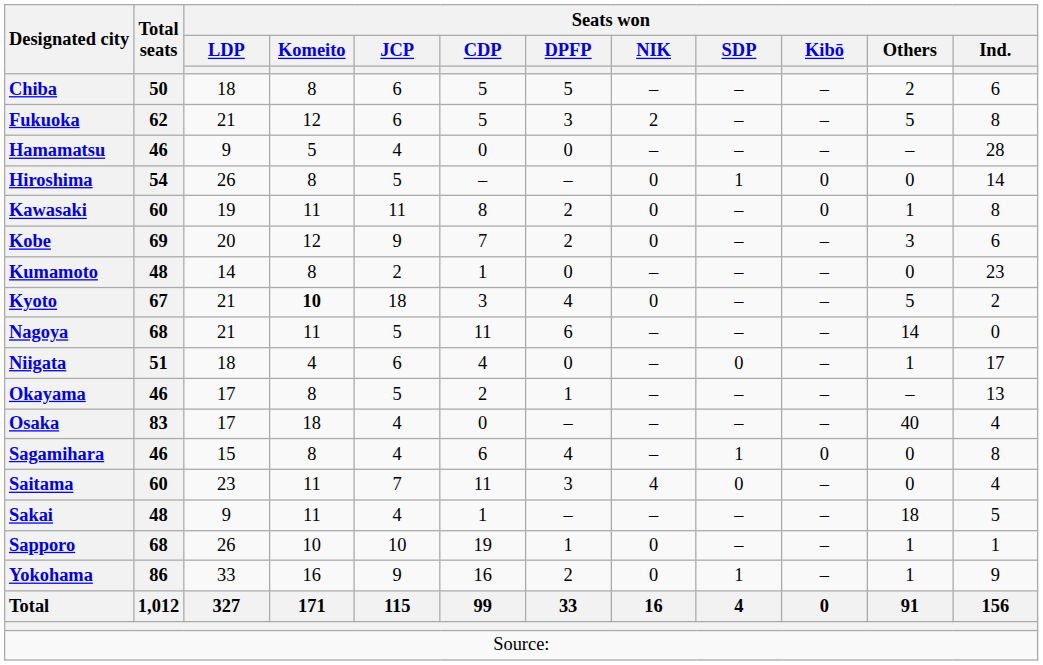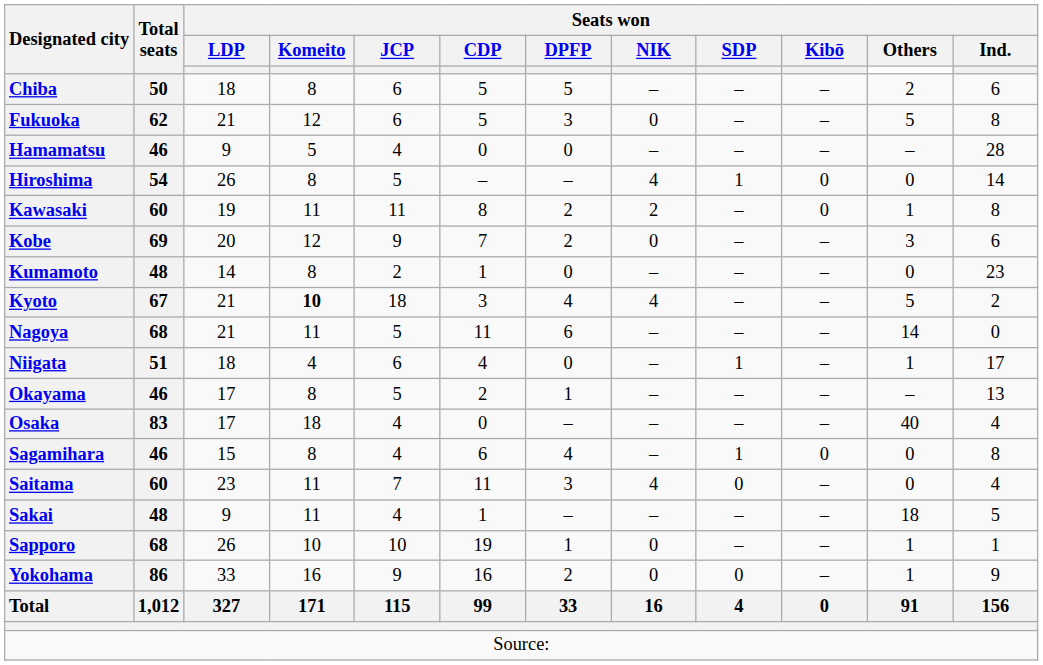 <table class="wikitable" style="text-align:center; font-size: 0.9em;">
 <tr>
 <th rowspan="3">Designated city</th>
 <th rowspan="3">Total<br>seats</th>
 <th colspan="10">Seats won</th>
 </tr>
 <tr>
 <th class="unsortable" style="width:60px;"><a href='#'>LDP</a></th>
 <th class="unsortable" style="width:60px;"><a href='#'>Komeito</a></th>
 <th class="unsortable" style="width:60px;"><a href='#'>JCP</a></th>
 <th class="unsortable" style="width:60px;"><a href='#'>CDP</a></th>
 <th class="unsortable" style="width:60px;"><a href='#'>DPFP</a></th>
 <th class="unsortable" style="width:60px;"><a href='#'>NIK</a></th>
 <th class="unsortable" style="width:60px;"><a href='#'>SDP</a></th>
 <th class="unsortable" style="width:60px;"><a href='#'>Kibō</a></th>
 <th class="unsortable" style="width:60px;">Others</th>
 <th class="unsortable" style="width:60px;">Ind.</th>
 </tr>
 <tr>
 <th style="background:"></th>
 <th style="background:"></th>
 <th style="background:"></th>
 <th style="background:"></th>
 <th style="background:"></th>
 <th style="background:"></th>
 <th style="background:"></th>
 <th style="background:"></th>
 <th style="background:white;"></th>
 <th style="background:"></th>
 </tr>
 <tr>
 <th style="text-align: left;"><a href='#'>Chiba</a></th>
 <th>50</th>
 <td>18</td>
 <td>8</td>
 <td>6</td>
 <td>5</td>
 <td>5</td>
 <td>–</td>
 <td>–</td>
 <td>–</td>
 <td>2</td>
 <td>6</td>
 </tr>
 <tr>
 <th style="text-align: left;"><a href='#'>Fukuoka</a></th>
 <th>62</th>
 <td>21</td>
 <td>12</td>
 <td>6</td>
 <td>5</td>
 <td>3</td>
-<td>2</td>
+<td>0</td>
 <td>–</td>
 <td>–</td>
 <td>5</td>
 <td>8</td>
 </tr>
 <tr>
 <th style="text-align: left;"><a href='#'>Hamamatsu</a></th>
 <th>46</th>
 <td>9</td>
 <td>5</td>
 <td>4</td>
 <td>0</td>
 <td>0</td>
 <td>–</td>
 <td>–</td>
 <td>–</td>
 <td>–</td>
 <td>28</td>
 </tr>
 <tr>
 <th style="text-align: left;"><a href='#'>Hiroshima</a></th>
 <th>54</th>
 <td>26</td>
 <td>8</td>
 <td>5</td>
 <td>–</td>
 <td>–</td>
-<td>0</td>
+<td>4</td>
 <td>1</td>
 <td>0</td>
 <td>0</td>
 <td>14</td>
 </tr>
 <tr>
 <th style="text-align: left;"><a href='#'>Kawasaki</a></th>
 <th>60</th>
 <td>19</td>
 <td>11</td>
 <td>11</td>
 <td>8</td>
 <td>2</td>
-<td>0</td>
+<td>2</td>
 <td>–</td>
 <td>0</td>
 <td>1</td>
 <td>8</td>
 </tr>
 <tr>
 <th style="text-align: left;"><a href='#'>Kobe</a></th>
 <th>69</th>
 <td>20</td>
 <td>12</td>
 <td>9</td>
 <td>7</td>
 <td>2</td>
 <td>0</td>
 <td>–</td>
 <td>–</td>
 <td>3</td>
 <td>6</td>
 </tr>
 <tr>
 <th style="text-align: left;"><a href='#'>Kumamoto</a></th>
 <th>48</th>
 <td>14</td>
 <td>8</td>
 <td>2</td>
 <td>1</td>
 <td>0</td>
 <td>–</td>
 <td>–</td>
 <td>–</td>
 <td>0</td>
 <td>23</td>
 </tr>
 <tr>
 <th style="text-align: left;"><a href='#'>Kyoto</a></th>
 <th>67</th>
 <td>21</td>
 <td><strong>10</strong></td>
 <td>18</td>
 <td>3</td>
 <td>4</td>
-<td>0</td>
+<td>4</td>
 <td>–</td>
 <td>–</td>
 <td>5</td>
 <td>2</td>
 </tr>
 <tr>
 <th style="text-align: left;"><a href='#'>Nagoya</a></th>
 <th>68</th>
 <td>21</td>
 <td>11</td>
 <td>5</td>
 <td>11</td>
 <td>6</td>
 <td>–</td>
 <td>–</td>
 <td>–</td>
 <td>14</td>
 <td>0</td>
 </tr>
 <tr>
 <th style="text-align: left;"><a href='#'>Niigata</a></th>
 <th>51</th>
 <td>18</td>
 <td>4</td>
 <td>6</td>
 <td>4</td>
 <td>0</td>
 <td>–</td>
-<td>0</td>
+<td>1</td>
 <td>–</td>
 <td>1</td>
 <td>17</td>
 </tr>
 <tr>
 <th style="text-align: left;"><a href='#'>Okayama</a></th>
 <th>46</th>
 <td>17</td>
 <td>8</td>
 <td>5</td>
 <td>2</td>
 <td>1</td>
 <td>–</td>
 <td>–</td>
 <td>–</td>
 <td>–</td>
 <td>13</td>
 </tr>
 <tr>
 <th style="text-align: left;"><a href='#'>Osaka</a></th>
 <th>83</th>
 <td>17</td>
 <td>18</td>
 <td>4</td>
 <td>0</td>
 <td>–</td>
 <td>–</td>
 <td>–</td>
 <td>–</td>
 <td>40</td>
 <td>4</td>
 </tr>
 <tr>
 <th style="text-align: left;"><a href='#'>Sagamihara</a></th>
 <th>46</th>
 <td>15</td>
 <td>8</td>
 <td>4</td>
 <td>6</td>
 <td>4</td>
 <td>–</td>
 <td>1</td>
 <td>0</td>
 <td>0</td>
 <td>8</td>
 </tr>
 <tr>
 <th style="text-align: left;"><a href='#'>Saitama</a></th>
 <th>60</th>
 <td>23</td>
 <td>11</td>
 <td>7</td>
 <td>11</td>
 <td>3</td>
 <td>4</td>
 <td>0</td>
 <td>–</td>
 <td>0</td>
 <td>4</td>
 </tr>
 <tr>
 <th style="text-align: left;"><a href='#'>Sakai</a></th>
 <th>48</th>
 <td>9</td>
 <td>11</td>
 <td>4</td>
 <td>1</td>
 <td>–</td>
 <td>–</td>
 <td>–</td>
 <td>–</td>
 <td>18</td>
 <td>5</td>
 </tr>
 <tr>
 <th style="text-align: left;"><a href='#'>Sapporo</a></th>
 <th>68</th>
 <td>26</td>
 <td>10</td>
 <td>10</td>
 <td>19</td>
 <td>1</td>
 <td>0</td>
 <td>–</td>
 <td>–</td>
 <td>1</td>
 <td>1</td>
 </tr>
 <tr>
 <th style="text-align: left;"><a href='#'>Yokohama</a></th>
 <th>86</th>
 <td>33</td>
 <td>16</td>
 <td>9</td>
 <td>16</td>
 <td>2</td>
 <td>0</td>
-<td>1</td>
+<td>0</td>
 <td>–</td>
 <td>1</td>
 <td>9</td>
 </tr>
 <tr class="sortbottom">
 <th style="text-align: left;">Total</th>
 <th>1,012</th>
 <th>327</th>
 <th>171</th>
 <th>115</th>
 <th>99</th>
 <th>33</th>
 <th>16</th>
 <th>4</th>
 <th>0</th>
 <th>91</th>
 <th>156</th>
 </tr>
 <tr>
 <th colspan="12"></th>
 </tr>
 <tr>
 <td colspan="12">Source: </td>
 </tr>
 </table>
